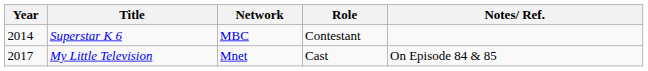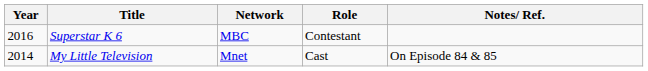 <table class="wikitable">
 <tr>
 <th style="width: 5%">Year</th>
 <th style="width: 20%">Title</th>
 <th style="width: 10%">Network</th>
 <th style="width: 10%">Role</th>
 <th style="width: 30%">Notes/ Ref.</th>
 </tr>
 <tr>
-<td>2014</td>
+<td>2016</td>
 <td><em><a href='#'>Superstar K 6</a></em></td>
 <td><a href='#'>MBC</a></td>
 <td>Contestant</td>
 <td></td>
 </tr>
 <tr>
-<td>2017</td>
+<td>2014</td>
 <td><em><a href='#'>My Little Television</a></em></td>
 <td><a href='#'>Mnet</a></td>
 <td>Cast</td>
 <td>On Episode 84 & 85</td>
 </tr>
 </table>
